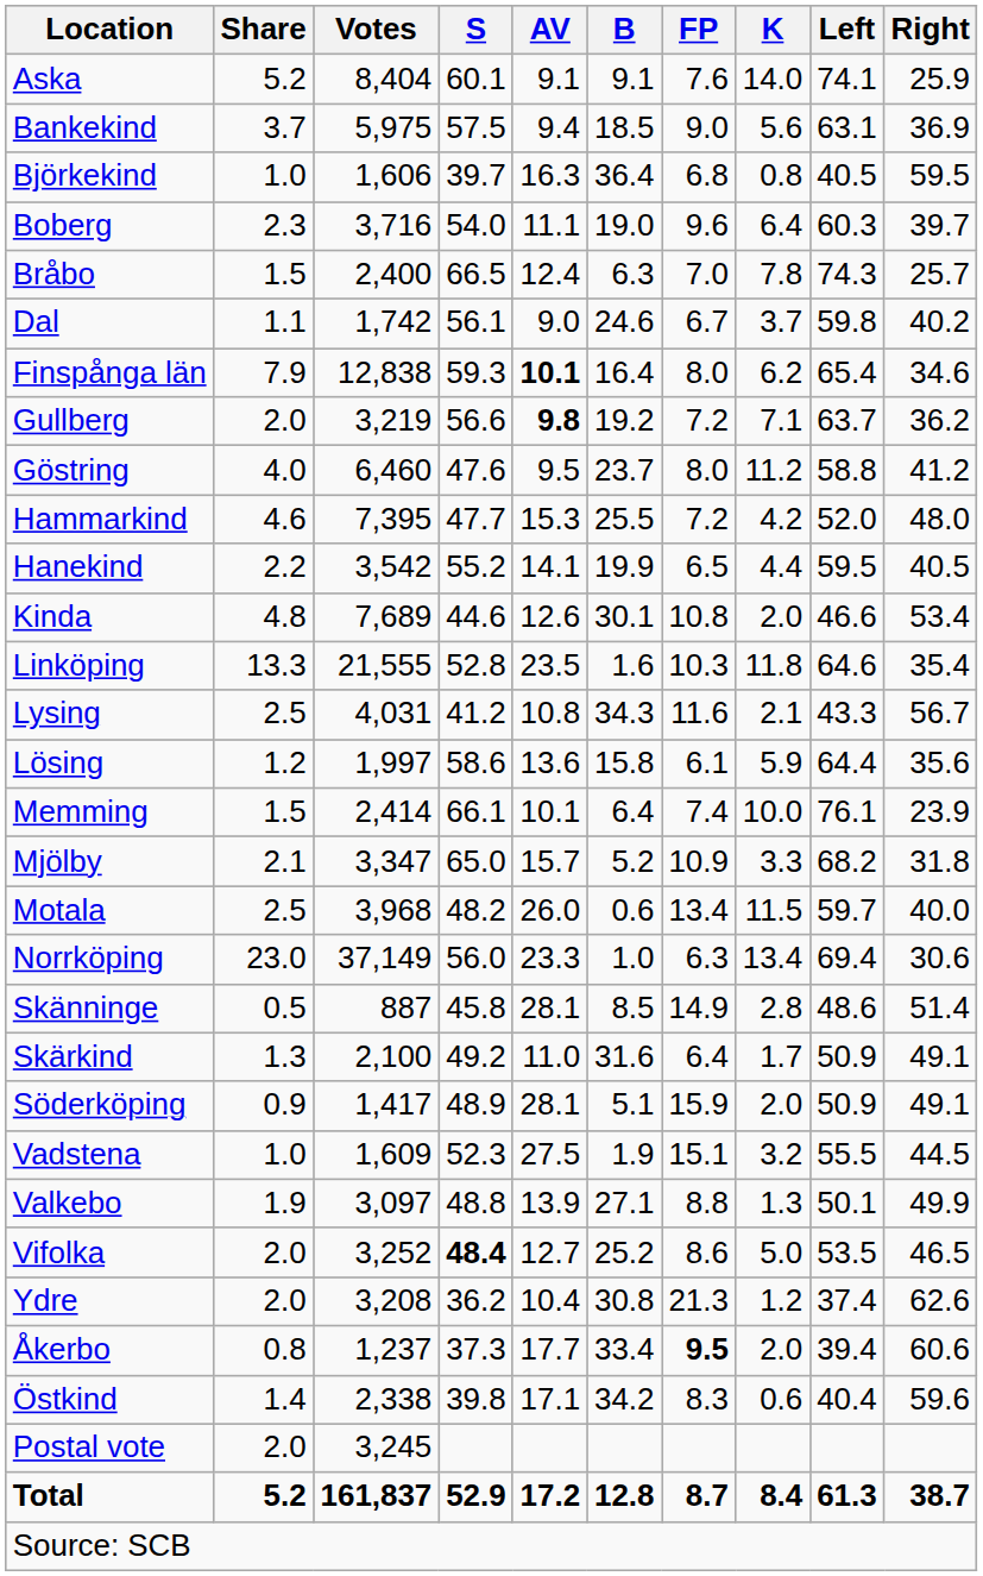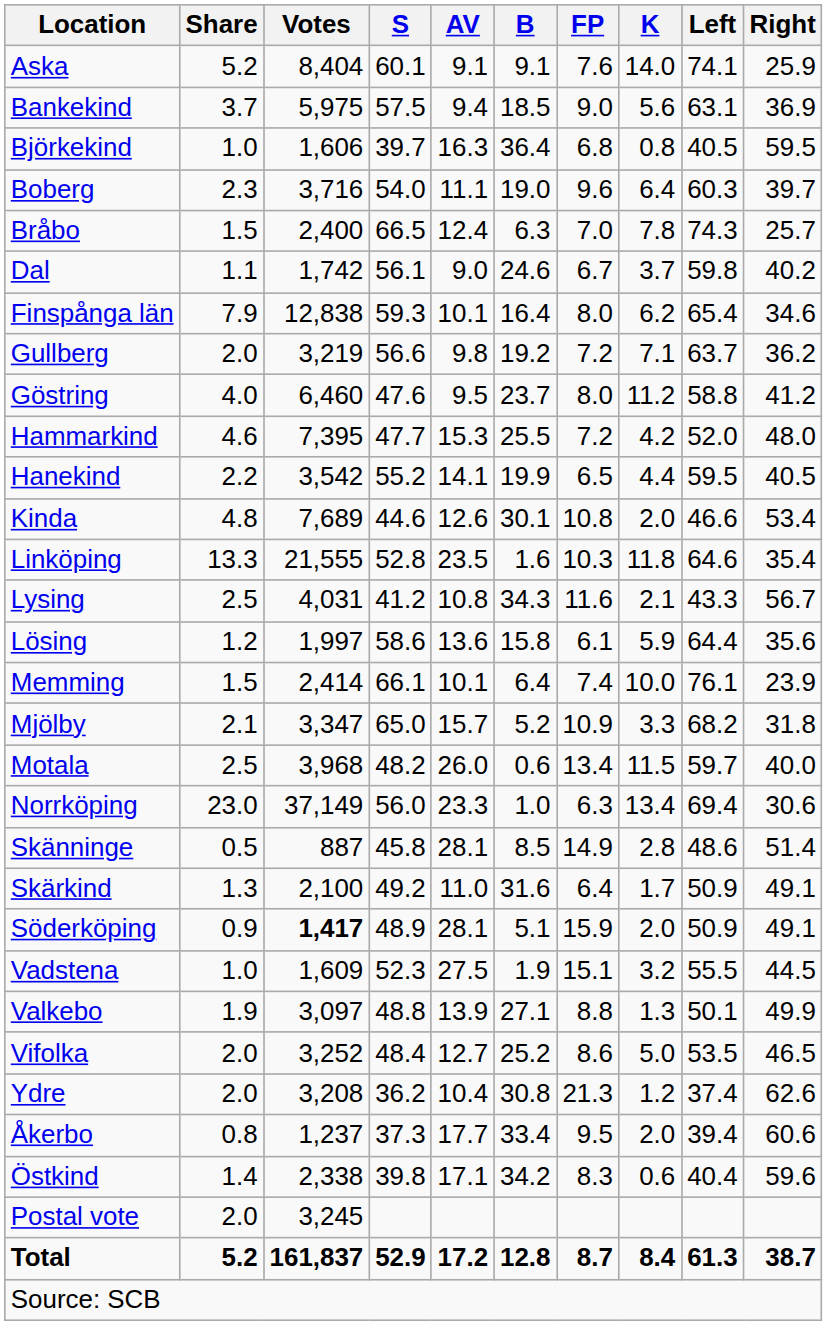 <table class="wikitable sortable" style=text-align:right>
 <tr>
 <th>Location</th>
 <th>Share</th>
 <th>Votes</th>
 <th><a href='#'>S</a></th>
 <th><a href='#'>AV</a></th>
 <th><a href='#'>B</a></th>
 <th><a href='#'>FP</a></th>
 <th><a href='#'>K</a></th>
 <th>Left</th>
 <th>Right</th>
 </tr>
 <tr>
 <td align=left><a href='#'>Aska</a></td>
 <td>5.2</td>
 <td>8,404</td>
 <td>60.1</td>
 <td>9.1</td>
 <td>9.1</td>
 <td>7.6</td>
 <td>14.0</td>
 <td>74.1</td>
 <td>25.9</td>
 </tr>
 <tr>
 <td align=left><a href='#'>Bankekind</a></td>
 <td>3.7</td>
 <td>5,975</td>
 <td>57.5</td>
 <td>9.4</td>
 <td>18.5</td>
 <td>9.0</td>
 <td>5.6</td>
 <td>63.1</td>
 <td>36.9</td>
 </tr>
 <tr>
 <td align=left><a href='#'>Björkekind</a></td>
 <td>1.0</td>
 <td>1,606</td>
 <td>39.7</td>
 <td>16.3</td>
 <td>36.4</td>
 <td>6.8</td>
 <td>0.8</td>
 <td>40.5</td>
 <td>59.5</td>
 </tr>
 <tr>
 <td align=left><a href='#'>Boberg</a></td>
 <td>2.3</td>
 <td>3,716</td>
 <td>54.0</td>
 <td>11.1</td>
 <td>19.0</td>
 <td>9.6</td>
 <td>6.4</td>
 <td>60.3</td>
 <td>39.7</td>
 </tr>
 <tr>
 <td align=left><a href='#'>Bråbo</a></td>
 <td>1.5</td>
 <td>2,400</td>
 <td>66.5</td>
 <td>12.4</td>
 <td>6.3</td>
 <td>7.0</td>
 <td>7.8</td>
 <td>74.3</td>
 <td>25.7</td>
 </tr>
 <tr>
 <td align=left><a href='#'>Dal</a></td>
 <td>1.1</td>
 <td>1,742</td>
 <td>56.1</td>
 <td>9.0</td>
 <td>24.6</td>
 <td>6.7</td>
 <td>3.7</td>
 <td>59.8</td>
 <td>40.2</td>
 </tr>
 <tr>
 <td align=left><a href='#'>Finspånga län</a></td>
 <td>7.9</td>
 <td>12,838</td>
 <td>59.3</td>
-<td><strong>10.1</strong></td>
+<td>10.1</td>
 <td>16.4</td>
 <td>8.0</td>
 <td>6.2</td>
 <td>65.4</td>
 <td>34.6</td>
 </tr>
 <tr>
 <td align=left><a href='#'>Gullberg</a></td>
 <td>2.0</td>
 <td>3,219</td>
 <td>56.6</td>
-<td><strong>9.8</strong></td>
+<td>9.8</td>
 <td>19.2</td>
 <td>7.2</td>
 <td>7.1</td>
 <td>63.7</td>
 <td>36.2</td>
 </tr>
 <tr>
 <td align=left><a href='#'>Göstring</a></td>
 <td>4.0</td>
 <td>6,460</td>
 <td>47.6</td>
 <td>9.5</td>
 <td>23.7</td>
 <td>8.0</td>
 <td>11.2</td>
 <td>58.8</td>
 <td>41.2</td>
 </tr>
 <tr>
 <td align=left><a href='#'>Hammarkind</a></td>
 <td>4.6</td>
 <td>7,395</td>
 <td>47.7</td>
 <td>15.3</td>
 <td>25.5</td>
 <td>7.2</td>
 <td>4.2</td>
 <td>52.0</td>
 <td>48.0</td>
 </tr>
 <tr>
 <td align=left><a href='#'>Hanekind</a></td>
 <td>2.2</td>
 <td>3,542</td>
 <td>55.2</td>
 <td>14.1</td>
 <td>19.9</td>
 <td>6.5</td>
 <td>4.4</td>
 <td>59.5</td>
 <td>40.5</td>
 </tr>
 <tr>
 <td align=left><a href='#'>Kinda</a></td>
 <td>4.8</td>
 <td>7,689</td>
 <td>44.6</td>
 <td>12.6</td>
 <td>30.1</td>
 <td>10.8</td>
 <td>2.0</td>
 <td>46.6</td>
 <td>53.4</td>
 </tr>
 <tr>
 <td align=left><a href='#'>Linköping</a></td>
 <td>13.3</td>
 <td>21,555</td>
 <td>52.8</td>
 <td>23.5</td>
 <td>1.6</td>
 <td>10.3</td>
 <td>11.8</td>
 <td>64.6</td>
 <td>35.4</td>
 </tr>
 <tr>
 <td align=left><a href='#'>Lysing</a></td>
 <td>2.5</td>
 <td>4,031</td>
 <td>41.2</td>
 <td>10.8</td>
 <td>34.3</td>
 <td>11.6</td>
 <td>2.1</td>
 <td>43.3</td>
 <td>56.7</td>
 </tr>
 <tr>
 <td align=left><a href='#'>Lösing</a></td>
 <td>1.2</td>
 <td>1,997</td>
 <td>58.6</td>
 <td>13.6</td>
 <td>15.8</td>
 <td>6.1</td>
 <td>5.9</td>
 <td>64.4</td>
 <td>35.6</td>
 </tr>
 <tr>
 <td align=left><a href='#'>Memming</a></td>
 <td>1.5</td>
 <td>2,414</td>
 <td>66.1</td>
 <td>10.1</td>
 <td>6.4</td>
 <td>7.4</td>
 <td>10.0</td>
 <td>76.1</td>
 <td>23.9</td>
 </tr>
 <tr>
 <td align=left><a href='#'>Mjölby</a></td>
 <td>2.1</td>
 <td>3,347</td>
 <td>65.0</td>
 <td>15.7</td>
 <td>5.2</td>
 <td>10.9</td>
 <td>3.3</td>
 <td>68.2</td>
 <td>31.8</td>
 </tr>
 <tr>
 <td align=left><a href='#'>Motala</a></td>
 <td>2.5</td>
 <td>3,968</td>
 <td>48.2</td>
 <td>26.0</td>
 <td>0.6</td>
 <td>13.4</td>
 <td>11.5</td>
 <td>59.7</td>
 <td>40.0</td>
 </tr>
 <tr>
 <td align=left><a href='#'>Norrköping</a></td>
 <td>23.0</td>
 <td>37,149</td>
 <td>56.0</td>
 <td>23.3</td>
 <td>1.0</td>
 <td>6.3</td>
 <td>13.4</td>
 <td>69.4</td>
 <td>30.6</td>
 </tr>
 <tr>
 <td align=left><a href='#'>Skänninge</a></td>
 <td>0.5</td>
 <td>887</td>
 <td>45.8</td>
 <td>28.1</td>
 <td>8.5</td>
 <td>14.9</td>
 <td>2.8</td>
 <td>48.6</td>
 <td>51.4</td>
 </tr>
 <tr>
 <td align=left><a href='#'>Skärkind</a></td>
 <td>1.3</td>
 <td>2,100</td>
 <td>49.2</td>
 <td>11.0</td>
 <td>31.6</td>
 <td>6.4</td>
 <td>1.7</td>
 <td>50.9</td>
 <td>49.1</td>
 </tr>
 <tr>
 <td align=left><a href='#'>Söderköping</a></td>
 <td>0.9</td>
-<td>1,417</td>
+<td><strong>1,417</strong></td>
 <td>48.9</td>
 <td>28.1</td>
 <td>5.1</td>
 <td>15.9</td>
 <td>2.0</td>
 <td>50.9</td>
 <td>49.1</td>
 </tr>
 <tr>
 <td align=left><a href='#'>Vadstena</a></td>
 <td>1.0</td>
 <td>1,609</td>
 <td>52.3</td>
 <td>27.5</td>
 <td>1.9</td>
 <td>15.1</td>
 <td>3.2</td>
 <td>55.5</td>
 <td>44.5</td>
 </tr>
 <tr>
 <td align=left><a href='#'>Valkebo</a></td>
 <td>1.9</td>
 <td>3,097</td>
 <td>48.8</td>
 <td>13.9</td>
 <td>27.1</td>
 <td>8.8</td>
 <td>1.3</td>
 <td>50.1</td>
 <td>49.9</td>
 </tr>
 <tr>
 <td align=left><a href='#'>Vifolka</a></td>
 <td>2.0</td>
 <td>3,252</td>
-<td><strong>48.4</strong></td>
+<td>48.4</td>
 <td>12.7</td>
 <td>25.2</td>
 <td>8.6</td>
 <td>5.0</td>
 <td>53.5</td>
 <td>46.5</td>
 </tr>
 <tr>
 <td align=left><a href='#'>Ydre</a></td>
 <td>2.0</td>
 <td>3,208</td>
 <td>36.2</td>
 <td>10.4</td>
 <td>30.8</td>
 <td>21.3</td>
 <td>1.2</td>
 <td>37.4</td>
 <td>62.6</td>
 </tr>
 <tr>
 <td align=left><a href='#'>Åkerbo</a></td>
 <td>0.8</td>
 <td>1,237</td>
 <td>37.3</td>
 <td>17.7</td>
 <td>33.4</td>
-<td><strong>9.5</strong></td>
+<td>9.5</td>
 <td>2.0</td>
 <td>39.4</td>
 <td>60.6</td>
 </tr>
 <tr>
 <td align=left><a href='#'>Östkind</a></td>
 <td>1.4</td>
 <td>2,338</td>
 <td>39.8</td>
 <td>17.1</td>
 <td>34.2</td>
 <td>8.3</td>
 <td>0.6</td>
 <td>40.4</td>
 <td>59.6</td>
 </tr>
 <tr>
 <td align=left><a href='#'>Postal vote</a></td>
 <td>2.0</td>
 <td>3,245</td>
 <td></td>
 <td></td>
 <td></td>
 <td></td>
 <td></td>
 <td></td>
 <td></td>
 </tr>
 <tr>
 <td align=left><strong>Total</strong></td>
 <td><strong>5.2</strong></td>
 <td><strong>161,837</strong></td>
 <td><strong>52.9</strong></td>
 <td><strong>17.2</strong></td>
 <td><strong>12.8</strong></td>
 <td><strong>8.7</strong></td>
 <td><strong>8.4</strong></td>
 <td><strong>61.3</strong></td>
 <td><strong>38.7</strong></td>
 </tr>
 <tr>
 <td align=left colspan=10>Source: SCB </td>
 </tr>
 </table>
